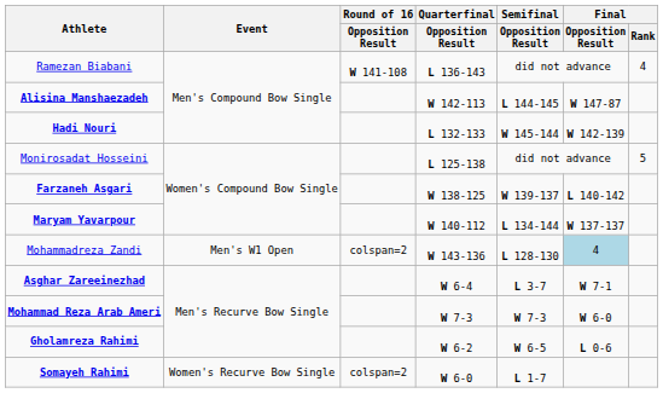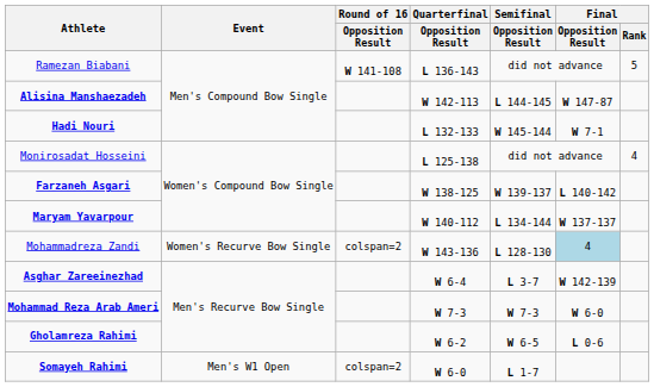 <table class="wikitable" style="font-size:90%">
 <tr>
 <th rowspan="2">Athlete</th>
 <th rowspan="2">Event</th>
 <th>Round of 16</th>
 <th>Quarterfinal</th>
 <th>Semifinal</th>
 <th colspan=2>Final</th>
 </tr>
 <tr style="font-size:95%">
 <th>Opposition<br>Result</th>
 <th>Opposition<br>Result</th>
 <th>Opposition<br>Result</th>
 <th>Opposition<br>Result</th>
 <th>Rank</th>
 </tr>
 <tr align=center>
 <td><a href='#'>Ramezan Biabani</a></td>
 <td rowspan=3>Men's Compound Bow Single</td>
 <td><br><strong>W</strong> 141-108</td>
 <td><br><strong>L</strong> 136-143</td>
 <td colspan=2>did not advance</td>
-<td>4</td>
+<td>5</td>
 </tr>
 <tr align=center>
 <td><strong><a href='#'>Alisina Manshaezadeh</a></strong></td>
 <td></td>
 <td><br><strong>W</strong> 142-113</td>
 <td><br><strong>L</strong> 144-145</td>
 <td><br><strong>W</strong> 147-87</td>
 <td></td>
 </tr>
 <tr align=center>
 <td><strong><a href='#'>Hadi Nouri</a></strong></td>
 <td></td>
 <td><br><strong>L</strong> 132-133</td>
 <td><br><strong>W</strong> 145-144</td>
-<td><br><strong>W</strong> 142-139</td>
+<td><br><strong>W</strong> 7-1</td>
 <td></td>
 </tr>
 <tr align=center>
 <td><a href='#'>Monirosadat Hosseini</a></td>
 <td rowspan=3>Women's Compound Bow Single</td>
 <td></td>
 <td><br><strong>L</strong> 125-138</td>
 <td colspan=2>did not advance</td>
-<td>5</td>
+<td>4</td>
 </tr>
 <tr align=center>
 <td><strong><a href='#'>Farzaneh Asgari</a></strong></td>
 <td></td>
 <td><br><strong>W</strong> 138-125</td>
 <td><br><strong>W</strong> 139-137</td>
 <td><br><strong>L</strong> 140-142</td>
 <td></td>
 </tr>
 <tr align=center>
 <td><strong><a href='#'>Maryam Yavarpour</a></strong></td>
 <td></td>
 <td><br><strong>W</strong> 140-112</td>
 <td><br><strong>L</strong> 134-144</td>
 <td><br><strong>W</strong> 137-137</td>
 <td></td>
 </tr>
 <tr align=center>
 <td><a href='#'>Mohammadreza Zandi</a></td>
-<td>Men's W1 Open</td>
+<td>Women's Recurve Bow Single</td>
 <td>colspan=2 </td>
 <td><br><strong>W</strong> 143-136</td>
 <td><br><strong>L</strong> 128-130</td>
 <td style="background: lightblue;">4</td>
 </tr>
 <tr align=center>
 <td><strong><a href='#'>Asghar Zareeinezhad</a></strong></td>
 <td rowspan=3>Men's Recurve Bow Single</td>
 <td></td>
 <td><br><strong>W</strong> 6-4</td>
 <td><br><strong>L</strong> 3-7</td>
-<td><br><strong>W</strong> 7-1</td>
+<td><br><strong>W</strong> 142-139</td>
 <td></td>
 </tr>
 <tr align=center>
 <td><strong><a href='#'>Mohammad Reza Arab Ameri</a></strong></td>
 <td></td>
 <td><br><strong>W</strong> 7-3</td>
 <td><br><strong>W</strong> 7-3</td>
 <td><br><strong>W</strong> 6-0</td>
 <td></td>
 </tr>
 <tr align=center>
 <td><strong><a href='#'>Gholamreza Rahimi</a></strong></td>
 <td></td>
 <td><br><strong>W</strong> 6-2</td>
 <td><br><strong>W</strong> 6-5</td>
 <td><br><strong>L</strong> 0-6</td>
 <td></td>
 </tr>
 <tr align=center>
 <td><strong><a href='#'>Somayeh Rahimi</a></strong></td>
-<td>Women's Recurve Bow Single</td>
+<td>Men's W1 Open</td>
 <td>colspan=2 </td>
 <td><br><strong>W</strong> 6-0</td>
 <td><br><strong>L</strong> 1-7</td>
 <td></td>
 </tr>
 </table>
